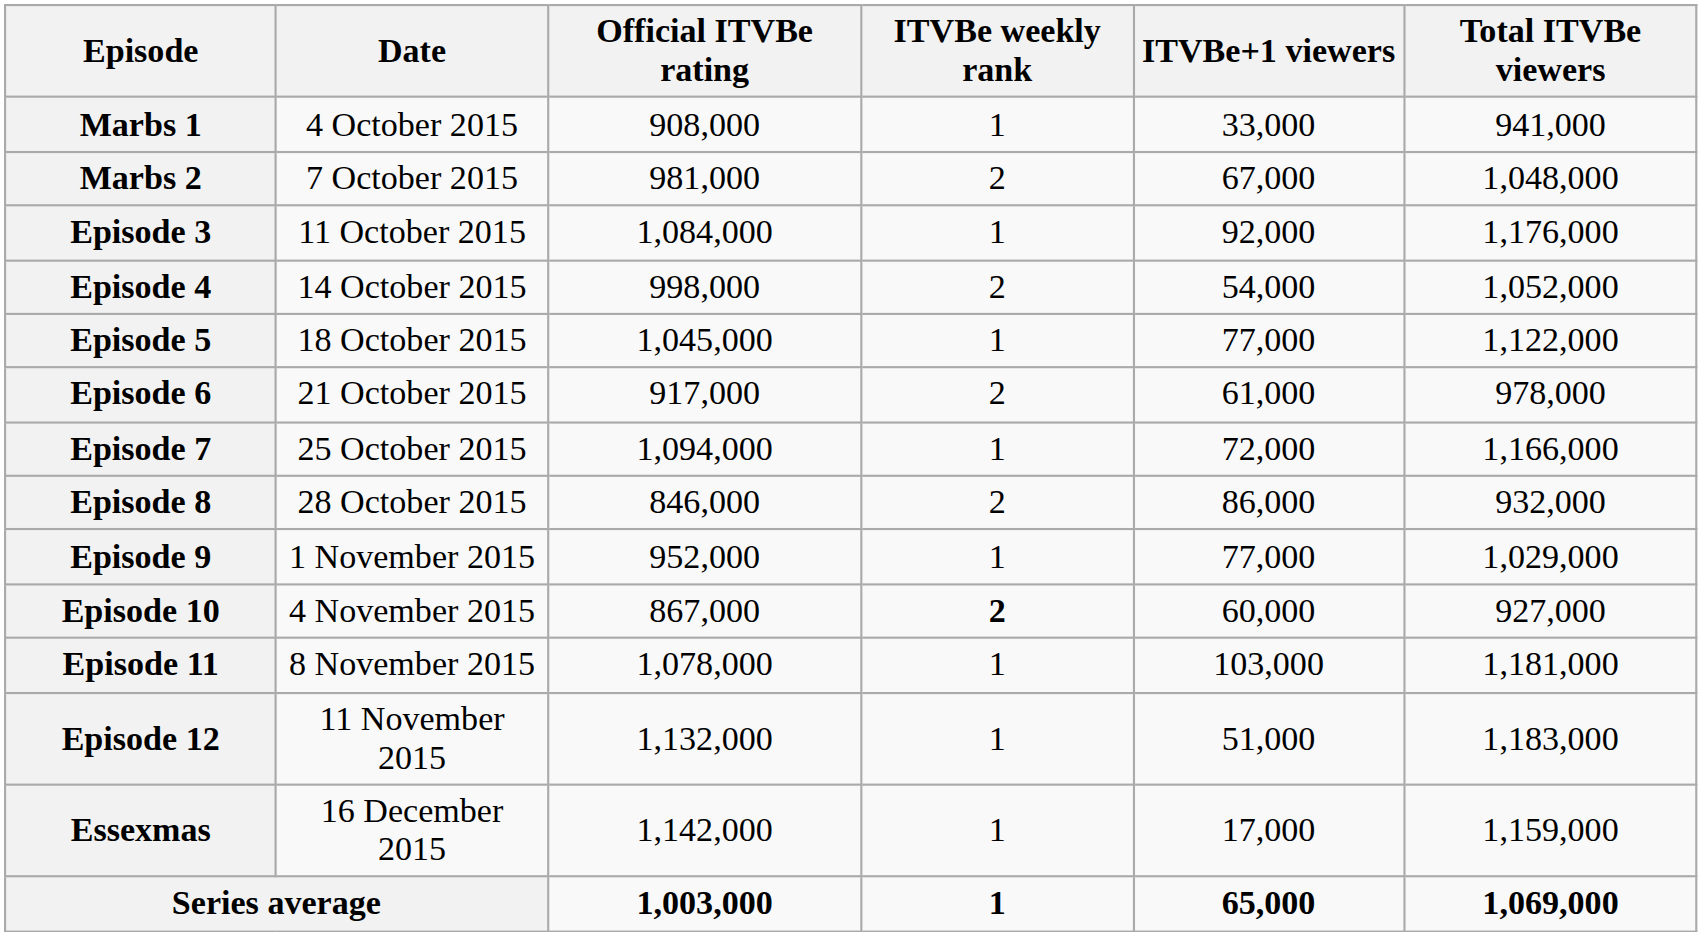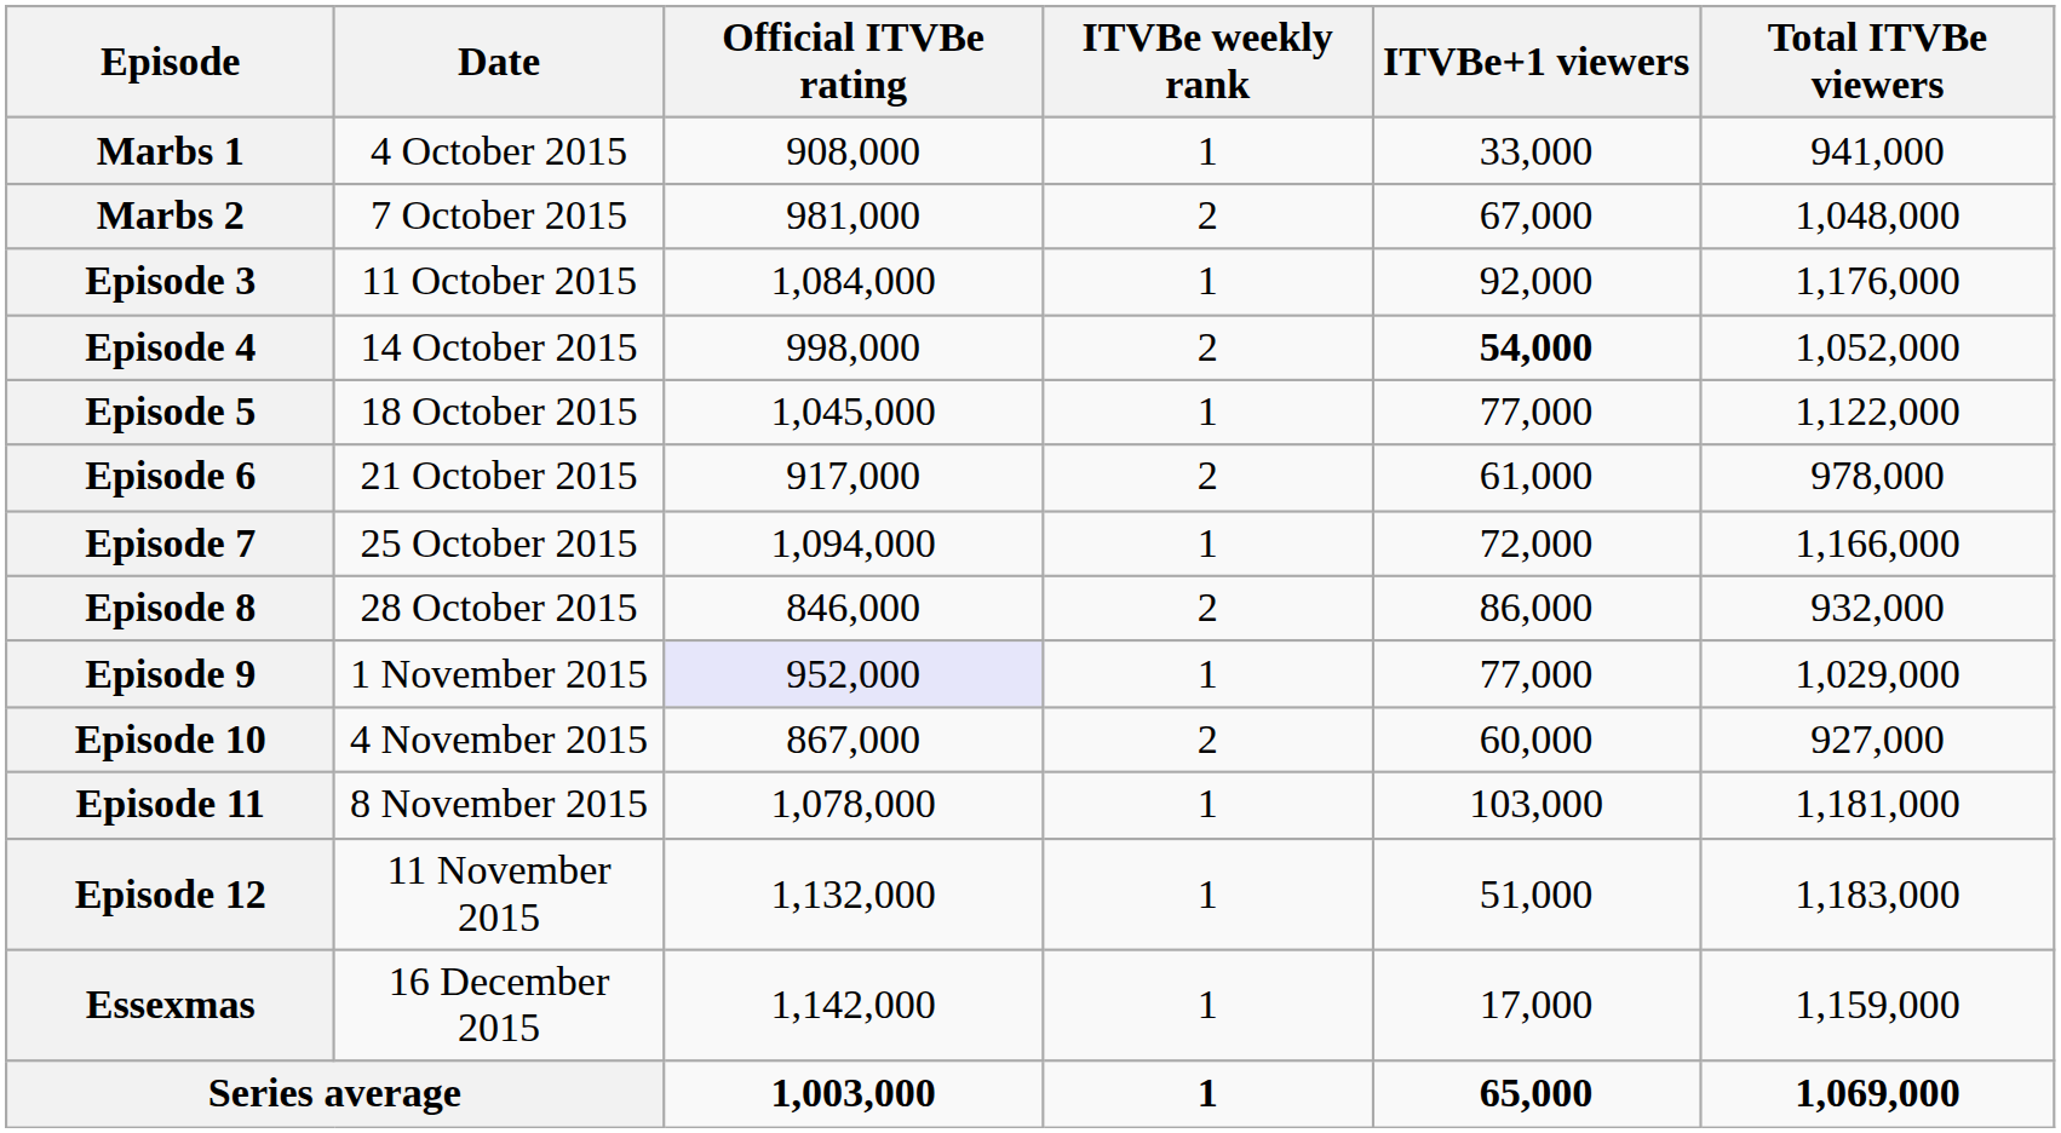 <table class="wikitable sortable" style="text-align:center">
 <tr>
 <th scope="col" style="width:120px;">Episode</th>
 <th scope="col" style="width:120px;">Date</th>
 <th scope="col" style="width:140px;">Official ITVBe rating<br></th>
 <th scope="col" style="width:120px;">ITVBe weekly rank</th>
 <th scope="col" style="width:120px;">ITVBe+1 viewers </th>
 <th scope="col" style="width:130px;">Total ITVBe viewers</th>
 </tr>
 <tr>
 <th scope="row">Marbs 1</th>
 <td>4 October 2015</td>
 <td>908,000</td>
 <td>1</td>
 <td>33,000</td>
 <td>941,000</td>
 </tr>
 <tr>
 <th scope="row">Marbs 2</th>
 <td>7 October 2015</td>
 <td>981,000</td>
 <td>2</td>
 <td>67,000</td>
 <td>1,048,000</td>
 </tr>
 <tr>
 <th scope="row">Episode 3</th>
 <td>11 October 2015</td>
 <td>1,084,000</td>
 <td>1</td>
 <td>92,000</td>
 <td>1,176,000</td>
 </tr>
 <tr>
 <th scope="row">Episode 4</th>
 <td>14 October 2015</td>
 <td>998,000</td>
 <td>2</td>
-<td>54,000</td>
+<td><strong>54,000</strong></td>
 <td>1,052,000</td>
 </tr>
 <tr>
 <th scope="row">Episode 5</th>
 <td>18 October 2015</td>
 <td>1,045,000</td>
 <td>1</td>
 <td>77,000</td>
 <td>1,122,000</td>
 </tr>
 <tr>
 <th scope="row">Episode 6</th>
 <td>21 October 2015</td>
 <td>917,000</td>
 <td>2</td>
 <td>61,000</td>
 <td>978,000</td>
 </tr>
 <tr>
 <th scope="row">Episode 7</th>
 <td>25 October 2015</td>
 <td>1,094,000</td>
 <td>1</td>
 <td>72,000</td>
 <td>1,166,000</td>
 </tr>
 <tr>
 <th scope="row">Episode 8</th>
 <td>28 October 2015</td>
 <td>846,000</td>
 <td>2</td>
 <td>86,000</td>
 <td>932,000</td>
 </tr>
 <tr>
 <th scope="row">Episode 9</th>
 <td>1 November 2015</td>
-<td>952,000</td>
+<td style="background: lavender;">952,000</td>
 <td>1</td>
 <td>77,000</td>
 <td>1,029,000</td>
 </tr>
 <tr>
 <th scope="row">Episode 10</th>
 <td>4 November 2015</td>
 <td>867,000</td>
-<td><strong>2</strong></td>
+<td>2</td>
 <td>60,000</td>
 <td>927,000</td>
 </tr>
 <tr>
 <th scope="row">Episode 11</th>
 <td>8 November 2015</td>
 <td>1,078,000</td>
 <td>1</td>
 <td>103,000</td>
 <td>1,181,000</td>
 </tr>
 <tr>
 <th scope="row">Episode 12</th>
 <td>11 November 2015</td>
 <td>1,132,000</td>
 <td>1</td>
 <td>51,000</td>
 <td>1,183,000</td>
 </tr>
 <tr>
 <th scope="row">Essexmas</th>
 <td>16 December 2015</td>
 <td>1,142,000</td>
 <td>1</td>
 <td>17,000</td>
 <td>1,159,000</td>
 </tr>
 <tr>
 <th scope="row" colspan="2">Series average</th>
 <td><strong>1,003,000</strong></td>
 <td><strong>1</strong></td>
 <td><strong>65,000</strong></td>
 <td><strong>1,069,000</strong></td>
 </tr>
 </table>
